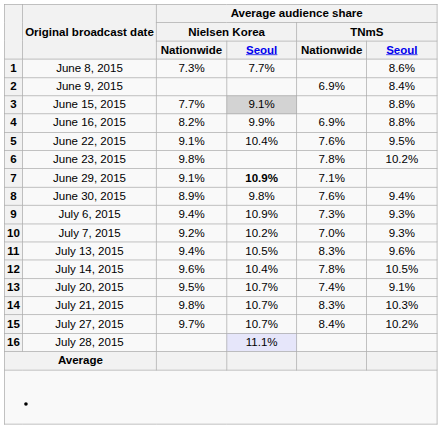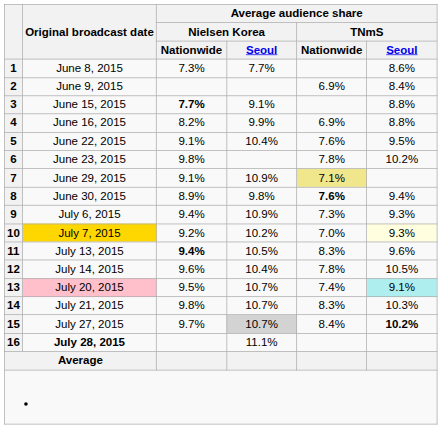 <table class="wikitable" style="text-align: center">
 <tr>
 <th rowspan="3"></th>
 <th rowspan="3">Original broadcast date</th>
 <th colspan="4">Average audience share</th>
 </tr>
 <tr>
 <th colspan="2">Nielsen Korea</th>
 <th colspan="2">TNmS</th>
 </tr>
 <tr>
 <th width="90">Nationwide</th>
 <th width="90"><a href='#'>Seoul</a></th>
 <th width="90">Nationwide</th>
 <th width="90"><a href='#'>Seoul</a></th>
 </tr>
 <tr>
 <th>1</th>
 <td>June 8, 2015</td>
 <td>7.3% </td>
 <td>7.7% </td>
 <td><strong></strong></td>
 <td>8.6%</td>
 </tr>
 <tr>
 <th>2</th>
 <td>June 9, 2015</td>
 <td><strong></strong> </td>
 <td><strong></strong> </td>
 <td>6.9%</td>
 <td>8.4%</td>
 </tr>
 <tr>
 <th>3</th>
 <td>June 15, 2015</td>
-<td>7.7% </td>
-<td style="background: lightgrey;">9.1% </td>
+<td><strong>7.7% </strong></td>
+<td>9.1% </td>
 <td><strong></strong></td>
 <td>8.8%</td>
 </tr>
 <tr>
 <th>4</th>
 <td>June 16, 2015</td>
 <td>8.2% </td>
 <td>9.9% </td>
 <td>6.9%</td>
 <td>8.8%</td>
 </tr>
 <tr>
 <th>5</th>
 <td>June 22, 2015</td>
 <td>9.1% </td>
 <td>10.4% </td>
 <td>7.6%</td>
 <td>9.5%</td>
 </tr>
 <tr>
 <th>6</th>
 <td>June 23, 2015</td>
 <td>9.8% </td>
 <td><strong></strong> </td>
 <td>7.8%</td>
 <td>10.2%</td>
 </tr>
 <tr>
 <th>7</th>
 <td>June 29, 2015</td>
 <td>9.1% </td>
-<td><strong>10.9% </strong></td>
-<td>7.1%</td>
+<td>10.9% </td>
+<td style="background: khaki;">7.1%</td>
 <td><strong></strong></td>
 </tr>
 <tr>
 <th>8</th>
 <td>June 30, 2015</td>
 <td>8.9% </td>
 <td>9.8% </td>
-<td>7.6%</td>
+<td><strong>7.6%</strong></td>
 <td>9.4%</td>
 </tr>
 <tr>
 <th>9</th>
 <td>July 6, 2015</td>
 <td>9.4% </td>
 <td>10.9% </td>
 <td>7.3%</td>
 <td>9.3%</td>
 </tr>
 <tr>
 <th>10</th>
-<td>July 7, 2015</td>
+<td style="background: gold;">July 7, 2015</td>
 <td>9.2% </td>
 <td>10.2% </td>
 <td>7.0%</td>
-<td>9.3%</td>
+<td style="background: lightyellow;">9.3%</td>
 </tr>
 <tr>
 <th>11</th>
 <td>July 13, 2015</td>
-<td>9.4% </td>
+<td><strong>9.4% </strong></td>
 <td>10.5% </td>
 <td>8.3%</td>
 <td>9.6%</td>
 </tr>
 <tr>
 <th>12</th>
 <td>July 14, 2015</td>
 <td>9.6% </td>
 <td>10.4% </td>
 <td>7.8%</td>
 <td>10.5%</td>
 </tr>
 <tr>
 <th>13</th>
-<td>July 20, 2015</td>
+<td style="background: pink;">July 20, 2015</td>
 <td>9.5% </td>
 <td>10.7% </td>
 <td>7.4%</td>
-<td>9.1%</td>
+<td style="background: paleturquoise;">9.1%</td>
 </tr>
 <tr>
 <th>14</th>
 <td>July 21, 2015</td>
 <td>9.8% </td>
 <td>10.7% </td>
 <td>8.3%</td>
 <td>10.3%</td>
 </tr>
 <tr>
 <th>15</th>
 <td>July 27, 2015</td>
 <td>9.7% </td>
-<td>10.7% </td>
+<td style="background: lightgrey;">10.7% </td>
 <td>8.4%</td>
-<td>10.2%</td>
+<td><strong>10.2%</strong></td>
 </tr>
 <tr>
 <th>16</th>
-<td>July 28, 2015</td>
+<td><strong>July 28, 2015</strong></td>
 <td><strong></strong> </td>
-<td style="background: lavender;">11.1% </td>
+<td>11.1% </td>
 <td><strong></strong></td>
 <td><strong></strong></td>
 </tr>
 <tr>
 <th colspan="2">Average</th>
 <th></th>
 <th></th>
 <th></th>
 <th></th>
 </tr>
 <tr>
 <td colspan="6"><br><ul><li></li></ul></td>
 </tr>
 </table>
